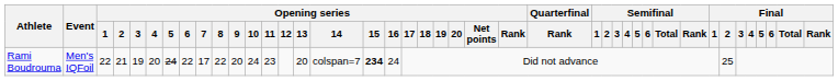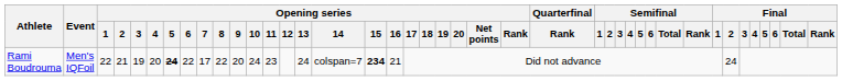 <table class="wikitable" style="font-size:90%">
 <tr>
 <th rowspan=2>Athlete</th>
 <th rowspan=2>Event</th>
 <th colspan=22>Opening series</th>
 <th>Quarterfinal</th>
 <th colspan=8>Semifinal</th>
 <th colspan=8>Final</th>
 </tr>
 <tr style=font-size:95%>
 <th>1</th>
 <th>2</th>
 <th>3</th>
 <th>4</th>
 <th>5</th>
 <th>6</th>
 <th>7</th>
 <th>8</th>
 <th>9</th>
 <th>10</th>
 <th>11</th>
 <th>12</th>
 <th>13</th>
 <th>14</th>
 <th>15</th>
 <th>16</th>
 <th>17</th>
 <th>18</th>
 <th>19</th>
 <th>20</th>
 <th>Net points</th>
 <th>Rank</th>
 <th>Rank</th>
 <th>1</th>
 <th>2</th>
 <th>3</th>
 <th>4</th>
 <th>5</th>
 <th>6</th>
 <th>Total</th>
 <th>Rank</th>
 <th>1</th>
 <th>2</th>
 <th>3</th>
 <th>4</th>
 <th>5</th>
 <th>6</th>
 <th>Total</th>
 <th>Rank</th>
 </tr>
 <tr align=center>
 <td align=left><a href='#'>Rami Boudrouma</a></td>
 <td align=left><a href='#'>Men's IQFoil</a></td>
 <td>22</td>
 <td>21</td>
 <td>19</td>
 <td>20</td>
-<td><s>24</s></td>
+<td><strong><s>24</s></strong></td>
 <td>22</td>
 <td>17</td>
 <td>22</td>
 <td>20</td>
 <td>24</td>
 <td>23</td>
 <td></td>
-<td>20</td>
+<td>24</td>
 <td>colspan=7 </td>
 <td><strong>234</strong></td>
+<td>21</td>
+<td Colspan=16>Did not advance</td>
 <td>24</td>
-<td Colspan=16>Did not advance</td>
-<td>25</td>
 </tr>
 </table>
